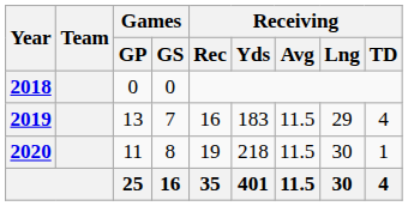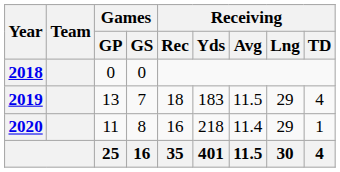 <table class="wikitable" style="text-align:center;">
 <tr>
 <th rowspan="2">Year</th>
 <th rowspan="2">Team</th>
 <th colspan="2">Games</th>
 <th colspan="5">Receiving</th>
 </tr>
 <tr>
 <th>GP</th>
 <th>GS</th>
 <th>Rec</th>
 <th>Yds</th>
 <th>Avg</th>
 <th>Lng</th>
 <th>TD</th>
 </tr>
 <tr>
 <th><a href='#'>2018</a></th>
 <th><a href='#'></a></th>
 <td>0</td>
 <td>0</td>
 <td colspan="11"></td>
 </tr>
 <tr>
 <th><a href='#'>2019</a></th>
 <th><a href='#'></a></th>
 <td>13</td>
 <td>7</td>
-<td>16</td>
+<td>18</td>
 <td>183</td>
 <td>11.5</td>
 <td>29</td>
 <td>4</td>
 </tr>
 <tr>
 <th><a href='#'>2020</a></th>
 <th><a href='#'></a></th>
 <td>11</td>
 <td>8</td>
-<td>19</td>
+<td>16</td>
 <td>218</td>
-<td>11.5</td>
-<td>30</td>
+<td>11.4</td>
+<td>29</td>
 <td>1</td>
 </tr>
 <tr>
 <th align=center colspan="2"></th>
 <th>25</th>
 <th>16</th>
 <th>35</th>
 <th>401</th>
 <th>11.5</th>
 <th>30</th>
 <th>4</th>
 </tr>
 </table>
